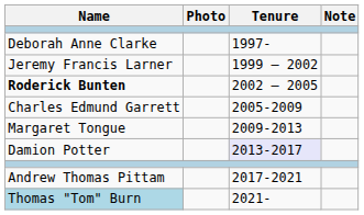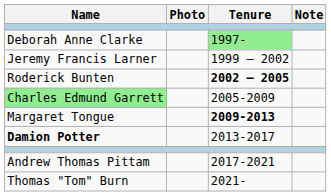 <table class="wikitable sortable" style="font-size: 100%" align=center>
 <tr>
 <th>Name</th>
 <th>Photo</th>
 <th>Tenure</th>
 <th>Note</th>
 </tr>
 <tr>
 <td colspan=5 bgcolor=#B1D2E2 height="1px"></td>
 </tr>
 <tr>
 <td>Deborah Anne Clarke</td>
 <td></td>
-<td>1997-</td>
+<td style="background: lightgreen;">1997-</td>
 <td></td>
 </tr>
 <tr>
 <td>Jeremy Francis Larner</td>
 <td></td>
 <td>1999 – 2002</td>
 <td></td>
 </tr>
 <tr>
-<td><strong>Roderick Bunten</strong></td>
+<td>Roderick Bunten</td>
 <td></td>
-<td>2002 – 2005</td>
+<td><strong>2002 – 2005</strong></td>
 <td></td>
 </tr>
 <tr>
-<td>Charles Edmund Garrett</td>
+<td style="background: lightgreen;">Charles Edmund Garrett</td>
 <td></td>
 <td>2005-2009</td>
 <td></td>
 </tr>
 <tr>
 <td>Margaret Tongue</td>
 <td></td>
-<td>2009-2013</td>
+<td><strong>2009-2013</strong></td>
 <td></td>
 </tr>
 <tr>
-<td>Damion Potter</td>
+<td><strong>Damion Potter</strong></td>
 <td></td>
-<td style="background: lavender;">2013-2017</td>
+<td>2013-2017</td>
 <td></td>
 </tr>
 <tr>
 <td colspan=5 bgcolor=#B1D2E2 height="1px"></td>
 </tr>
 <tr>
 <td>Andrew Thomas Pittam</td>
 <td></td>
 <td>2017-2021</td>
 <td></td>
 </tr>
 <tr>
-<td style="background: lightblue;">Thomas "Tom" Burn</td>
+<td>Thomas "Tom" Burn</td>
 <td></td>
 <td>2021-</td>
 <td></td>
 </tr>
 </table>
